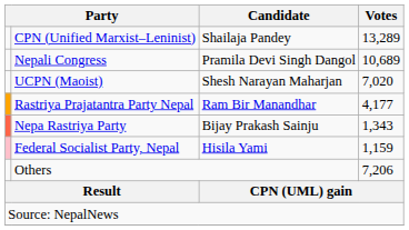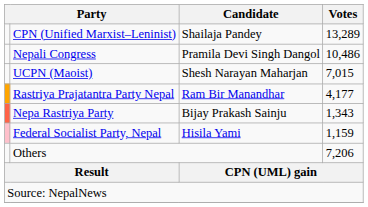 <table class="wikitable">
 <tr>
 <th colspan="2">Party</th>
 <th>Candidate</th>
 <th>Votes</th>
 </tr>
 <tr>
 <td style="background-color:"></td>
 <td><a href='#'>CPN (Unified Marxist–Leninist)</a></td>
 <td>Shailaja Pandey</td>
 <td>13,289</td>
 </tr>
 <tr>
 <td style="background-color:"></td>
 <td><a href='#'>Nepali Congress</a></td>
 <td>Pramila Devi Singh Dangol</td>
-<td>10,689</td>
+<td>10,486</td>
 </tr>
 <tr>
 <td style="background-color:"></td>
 <td><a href='#'>UCPN (Maoist)</a></td>
 <td>Shesh Narayan Maharjan</td>
-<td>7,020</td>
+<td>7,015</td>
 </tr>
 <tr>
 <td style="background-color:orange"></td>
 <td><a href='#'>Rastriya Prajatantra Party Nepal</a></td>
 <td><a href='#'>Ram Bir Manandhar</a></td>
 <td>4,177</td>
 </tr>
 <tr>
 <td style="background-color:tomato"></td>
 <td><a href='#'>Nepa Rastriya Party</a></td>
 <td>Bijay Prakash Sainju</td>
 <td>1,343</td>
 </tr>
 <tr>
 <td style="background-color:pink"></td>
 <td><a href='#'>Federal Socialist Party, Nepal</a></td>
 <td><a href='#'>Hisila Yami</a></td>
 <td>1,159</td>
 </tr>
 <tr>
 <td></td>
 <td colspan="2">Others</td>
 <td>7,206</td>
 </tr>
 <tr>
 <th colspan="2">Result</th>
 <th colspan="2">CPN (UML) gain</th>
 </tr>
 <tr>
 <td colspan="4">Source: NepalNews</td>
 </tr>
 <tr>
 </tr>
 </table>
